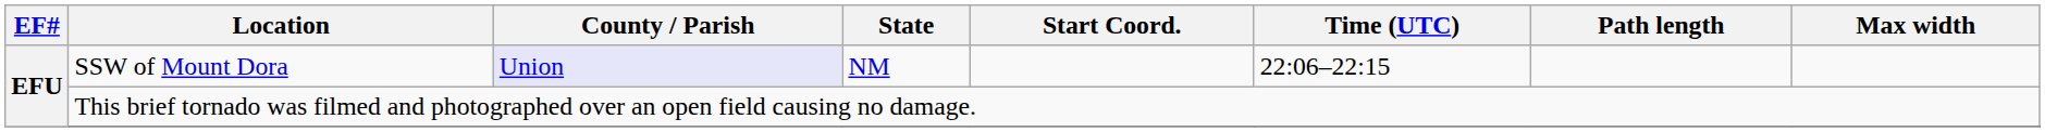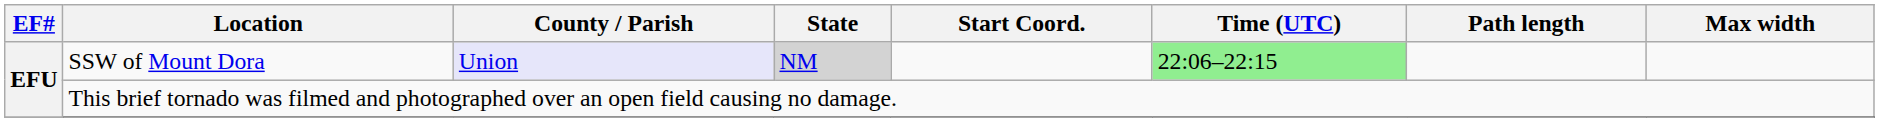 <table class="wikitable sortable" style="width:100%;">
 <tr>
 <th scope="col" width="2%" align="center"><a href='#'>EF#</a></th>
 <th scope="col" align="center" class="unsortable">Location</th>
 <th scope="col" align="center" class="unsortable">County / Parish</th>
 <th scope="col" align="center">State</th>
 <th scope="col" align="center">Start Coord.</th>
 <th scope="col" align="center">Time (<a href='#'>UTC</a>)</th>
 <th scope="col" align="center">Path length</th>
 <th scope="col" align="center">Max width</th>
 </tr>
 <tr>
 <th scope="row" rowspan="2" style="background-color:#">EFU</th>
 <td>SSW of <a href='#'>Mount Dora</a></td>
 <td style="background: lavender;"><a href='#'>Union</a></td>
-<td><a href='#'>NM</a></td>
+<td style="background: lightgrey;"><a href='#'>NM</a></td>
 <td></td>
-<td>22:06–22:15</td>
+<td style="background: lightgreen;">22:06–22:15</td>
 <td></td>
 <td></td>
 </tr>
 <tr class="expand-child">
 <td colspan="8" style=" border-bottom: 1px solid black;">This brief tornado was filmed and photographed over an open field causing no damage.</td>
 </tr>
 <tr>
 </tr>
 </table>
